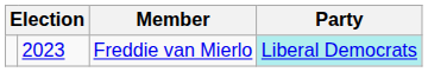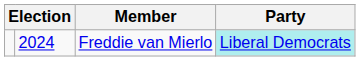 <table class="wikitable">
 <tr>
 <th colspan="2">Election</th>
 <th>Member</th>
 <th>Party</th>
 </tr>
 <tr>
 <td style="color:inherit;background-color: "></td>
-<td><a href='#'>2023</a></td>
+<td><a href='#'>2024</a></td>
 <td><a href='#'>Freddie van Mierlo</a></td>
 <td style="background: paleturquoise;"><a href='#'>Liberal Democrats</a></td>
 </tr>
 </table>
